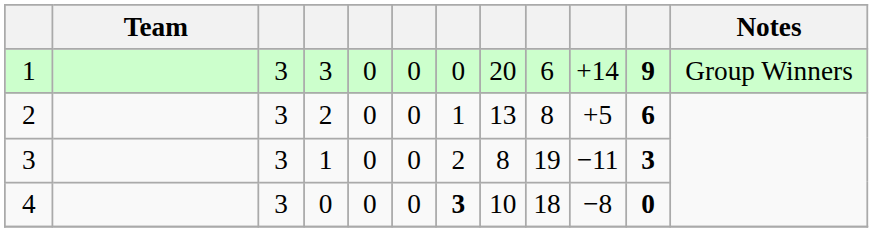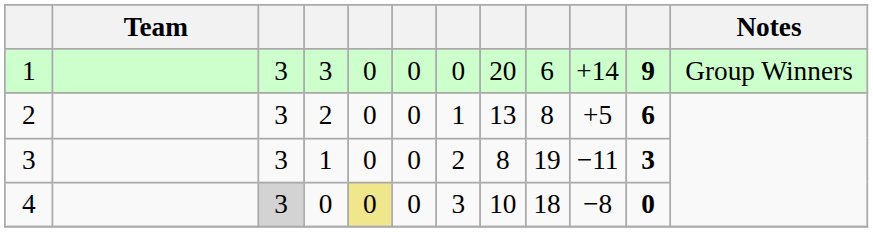 <table class="wikitable" style="text-align: center; font-size: 97%;">
 <tr>
 <th width="20"></th>
 <th width="110">Team</th>
 <th width="18"></th>
 <th width="18"></th>
 <th width="18"></th>
 <th width="18"></th>
 <th width="18"></th>
 <th width="18"></th>
 <th width="18"></th>
 <th width="25"></th>
 <th width="18"></th>
 <th width="105">Notes</th>
 </tr>
 <tr style="background-color: #ccffcc;">
 <td>1</td>
 <td align=left></td>
 <td>3</td>
 <td>3</td>
 <td>0</td>
 <td>0</td>
 <td>0</td>
 <td>20</td>
 <td>6</td>
 <td>+14</td>
 <td><strong>9</strong></td>
 <td>Group Winners</td>
 </tr>
 <tr>
 <td>2</td>
 <td align=left></td>
 <td>3</td>
 <td>2</td>
 <td>0</td>
 <td>0</td>
 <td>1</td>
 <td>13</td>
 <td>8</td>
 <td>+5</td>
 <td><strong>6</strong></td>
 <td rowspan="3"></td>
 </tr>
 <tr>
 <td>3</td>
 <td align=left></td>
 <td>3</td>
 <td>1</td>
 <td>0</td>
 <td>0</td>
 <td>2</td>
 <td>8</td>
 <td>19</td>
 <td>−11</td>
 <td><strong>3</strong></td>
 </tr>
 <tr>
 <td>4</td>
 <td align=left></td>
+<td style="background: lightgrey;">3</td>
+<td>0</td>
+<td style="background: khaki;">0</td>
+<td>0</td>
 <td>3</td>
-<td>0</td>
-<td>0</td>
-<td>0</td>
-<td><strong>3</strong></td>
 <td>10</td>
 <td>18</td>
 <td>−8</td>
 <td><strong>0</strong></td>
 </tr>
 <tr>
 </tr>
 </table>
